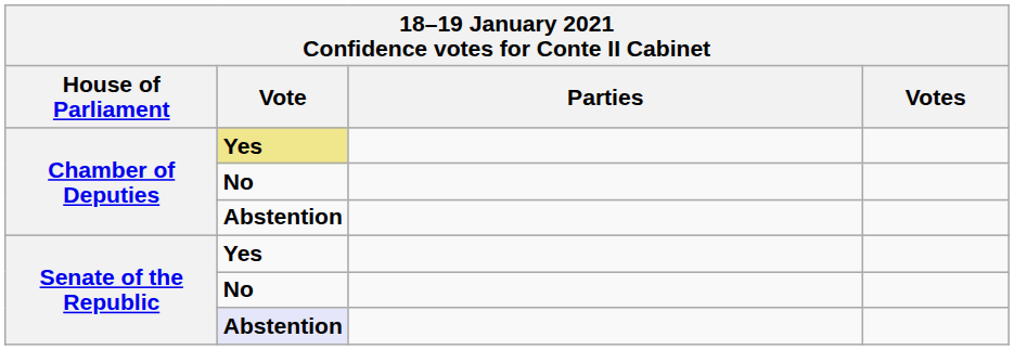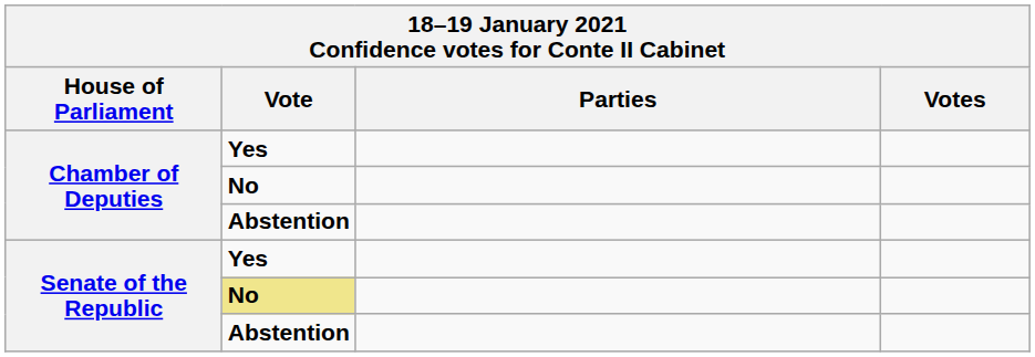 <table class="wikitable" style="font-size:85%;">
 <tr>
 <th colspan="4">18–19 January 2021<br>Confidence votes for Conte II Cabinet</th>
 </tr>
 <tr>
 <th width="120">House of <a href='#'>Parliament</a></th>
 <th width="60">Vote</th>
 <th width="300">Parties</th>
 <th width="80" align="center">Votes</th>
 </tr>
 <tr>
 <th rowspan="3"><a href='#'>Chamber of Deputies</a><br></th>
-<td style="background: khaki;"> <strong>Yes</strong></td>
+<td> <strong>Yes</strong></td>
 <td></td>
 <td></td>
 </tr>
 <tr>
 <td> <strong>No</strong></td>
 <td></td>
 <td></td>
 </tr>
 <tr>
 <td><strong>Abstention</strong></td>
 <td></td>
 <td></td>
 </tr>
 <tr>
 <th rowspan="3"><a href='#'>Senate of the Republic</a><br></th>
 <td> <strong>Yes</strong></td>
 <td></td>
 <td></td>
 </tr>
 <tr>
-<td> <strong>No</strong></td>
+<td style="background: khaki;"> <strong>No</strong></td>
 <td></td>
 <td></td>
 </tr>
 <tr>
-<td style="background: lavender;"><strong>Abstention</strong></td>
+<td><strong>Abstention</strong></td>
 <td></td>
 <td></td>
 </tr>
 </table>
